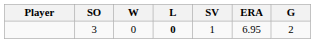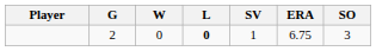 <table class="wikitable sortable">
 <tr>
 <th bgcolor="#DDDDFF" width="16%">Player</th>
-<th bgcolor="#DDDDFF" width="9%">SO</th>
+<th bgcolor="#DDDDFF" width="9%">G</th>
 <th bgcolor="#DDDDFF" width="9%">W</th>
 <th bgcolor="#DDDDFF" width="9%">L</th>
 <th bgcolor="#DDDDFF" width="9%">SV</th>
 <th bgcolor="#DDDDFF" width="9%">ERA</th>
-<th bgcolor="#DDDDFF" width="9%">G</th>
+<th bgcolor="#DDDDFF" width="9%">SO</th>
 </tr>
 <tr align="center">
 <td></td>
-<td>3</td>
+<td>2</td>
 <td>0</td>
 <td><strong>0</strong></td>
 <td>1</td>
-<td>6.95</td>
-<td>2</td>
+<td>6.75</td>
+<td>3</td>
 </tr>
 </table>
